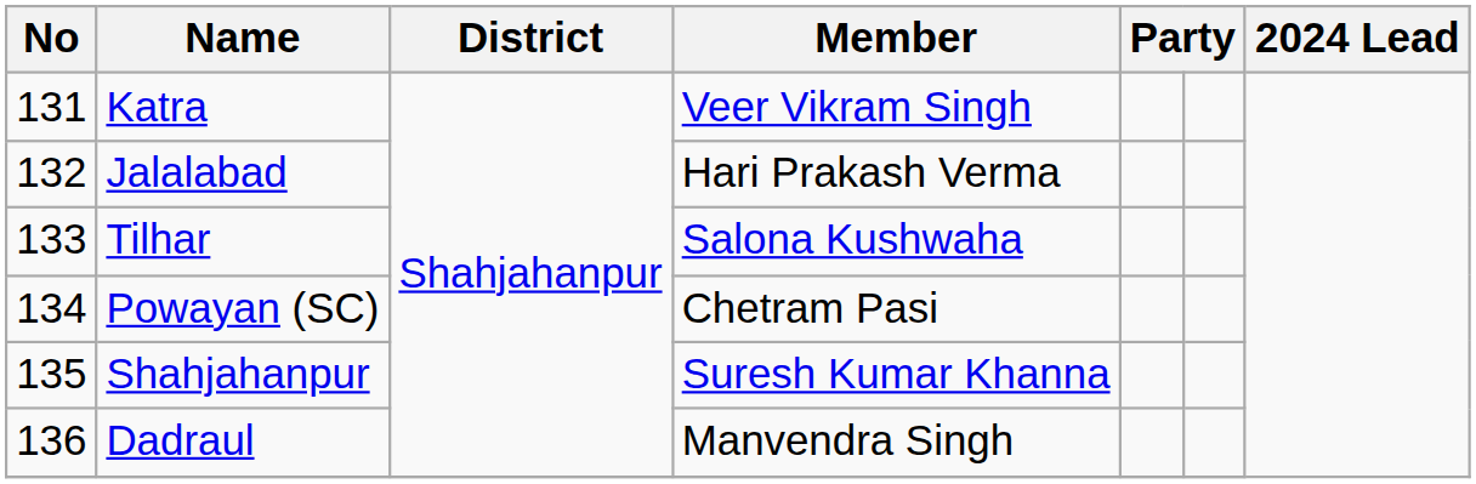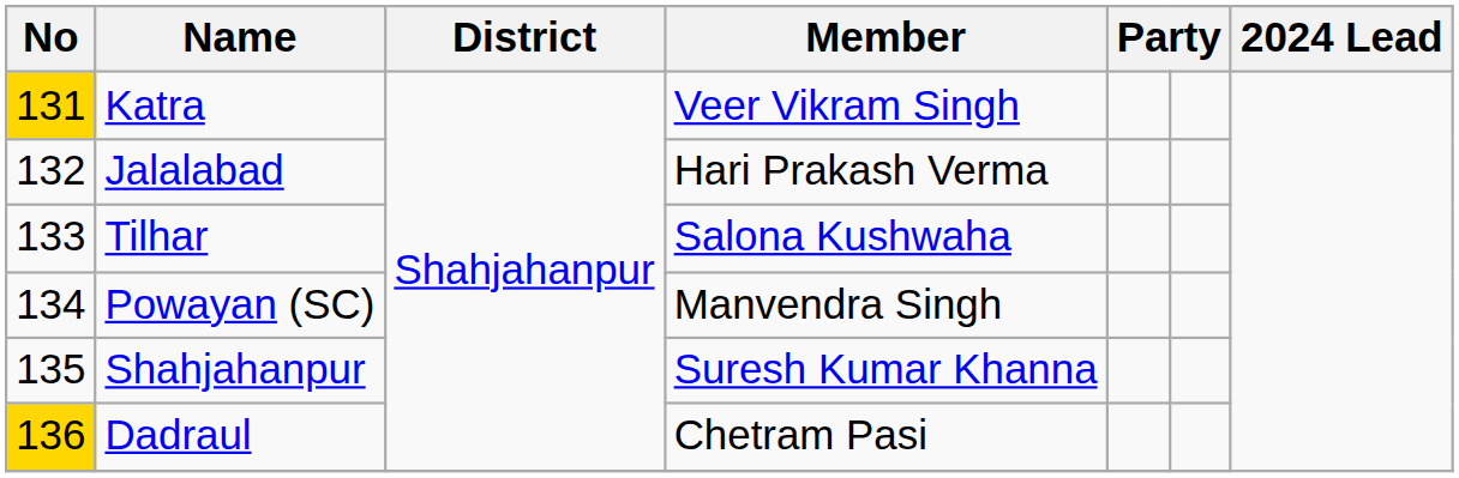 <table class="wikitable sortable">
 <tr>
 <th>No</th>
 <th>Name</th>
 <th>District</th>
 <th>Member</th>
 <th colspan="2">Party</th>
 <th colspan="2">2024 Lead</th>
 </tr>
 <tr>
-<td>131</td>
+<td style="background: gold;">131</td>
 <td><a href='#'>Katra</a></td>
 <td rowspan="6"><a href='#'>Shahjahanpur</a></td>
 <td><a href='#'>Veer Vikram Singh</a></td>
 <td></td>
 <td></td>
 </tr>
 <tr>
 <td>132</td>
 <td><a href='#'>Jalalabad</a></td>
 <td>Hari Prakash Verma</td>
 <td></td>
 <td></td>
 </tr>
 <tr>
 <td>133</td>
 <td><a href='#'>Tilhar</a></td>
 <td><a href='#'>Salona Kushwaha</a></td>
 <td></td>
 <td></td>
 </tr>
 <tr>
 <td>134</td>
 <td><a href='#'>Powayan</a> (SC)</td>
-<td>Chetram Pasi</td>
+<td>Manvendra Singh</td>
 <td></td>
 <td></td>
 </tr>
 <tr>
 <td>135</td>
 <td><a href='#'>Shahjahanpur</a></td>
 <td><a href='#'>Suresh Kumar Khanna</a></td>
 <td></td>
 <td></td>
 </tr>
 <tr>
-<td>136</td>
+<td style="background: gold;">136</td>
 <td><a href='#'>Dadraul</a></td>
-<td>Manvendra Singh</td>
+<td>Chetram Pasi</td>
 <td></td>
 <td></td>
 </tr>
 <tr>
 </tr>
 </table>
